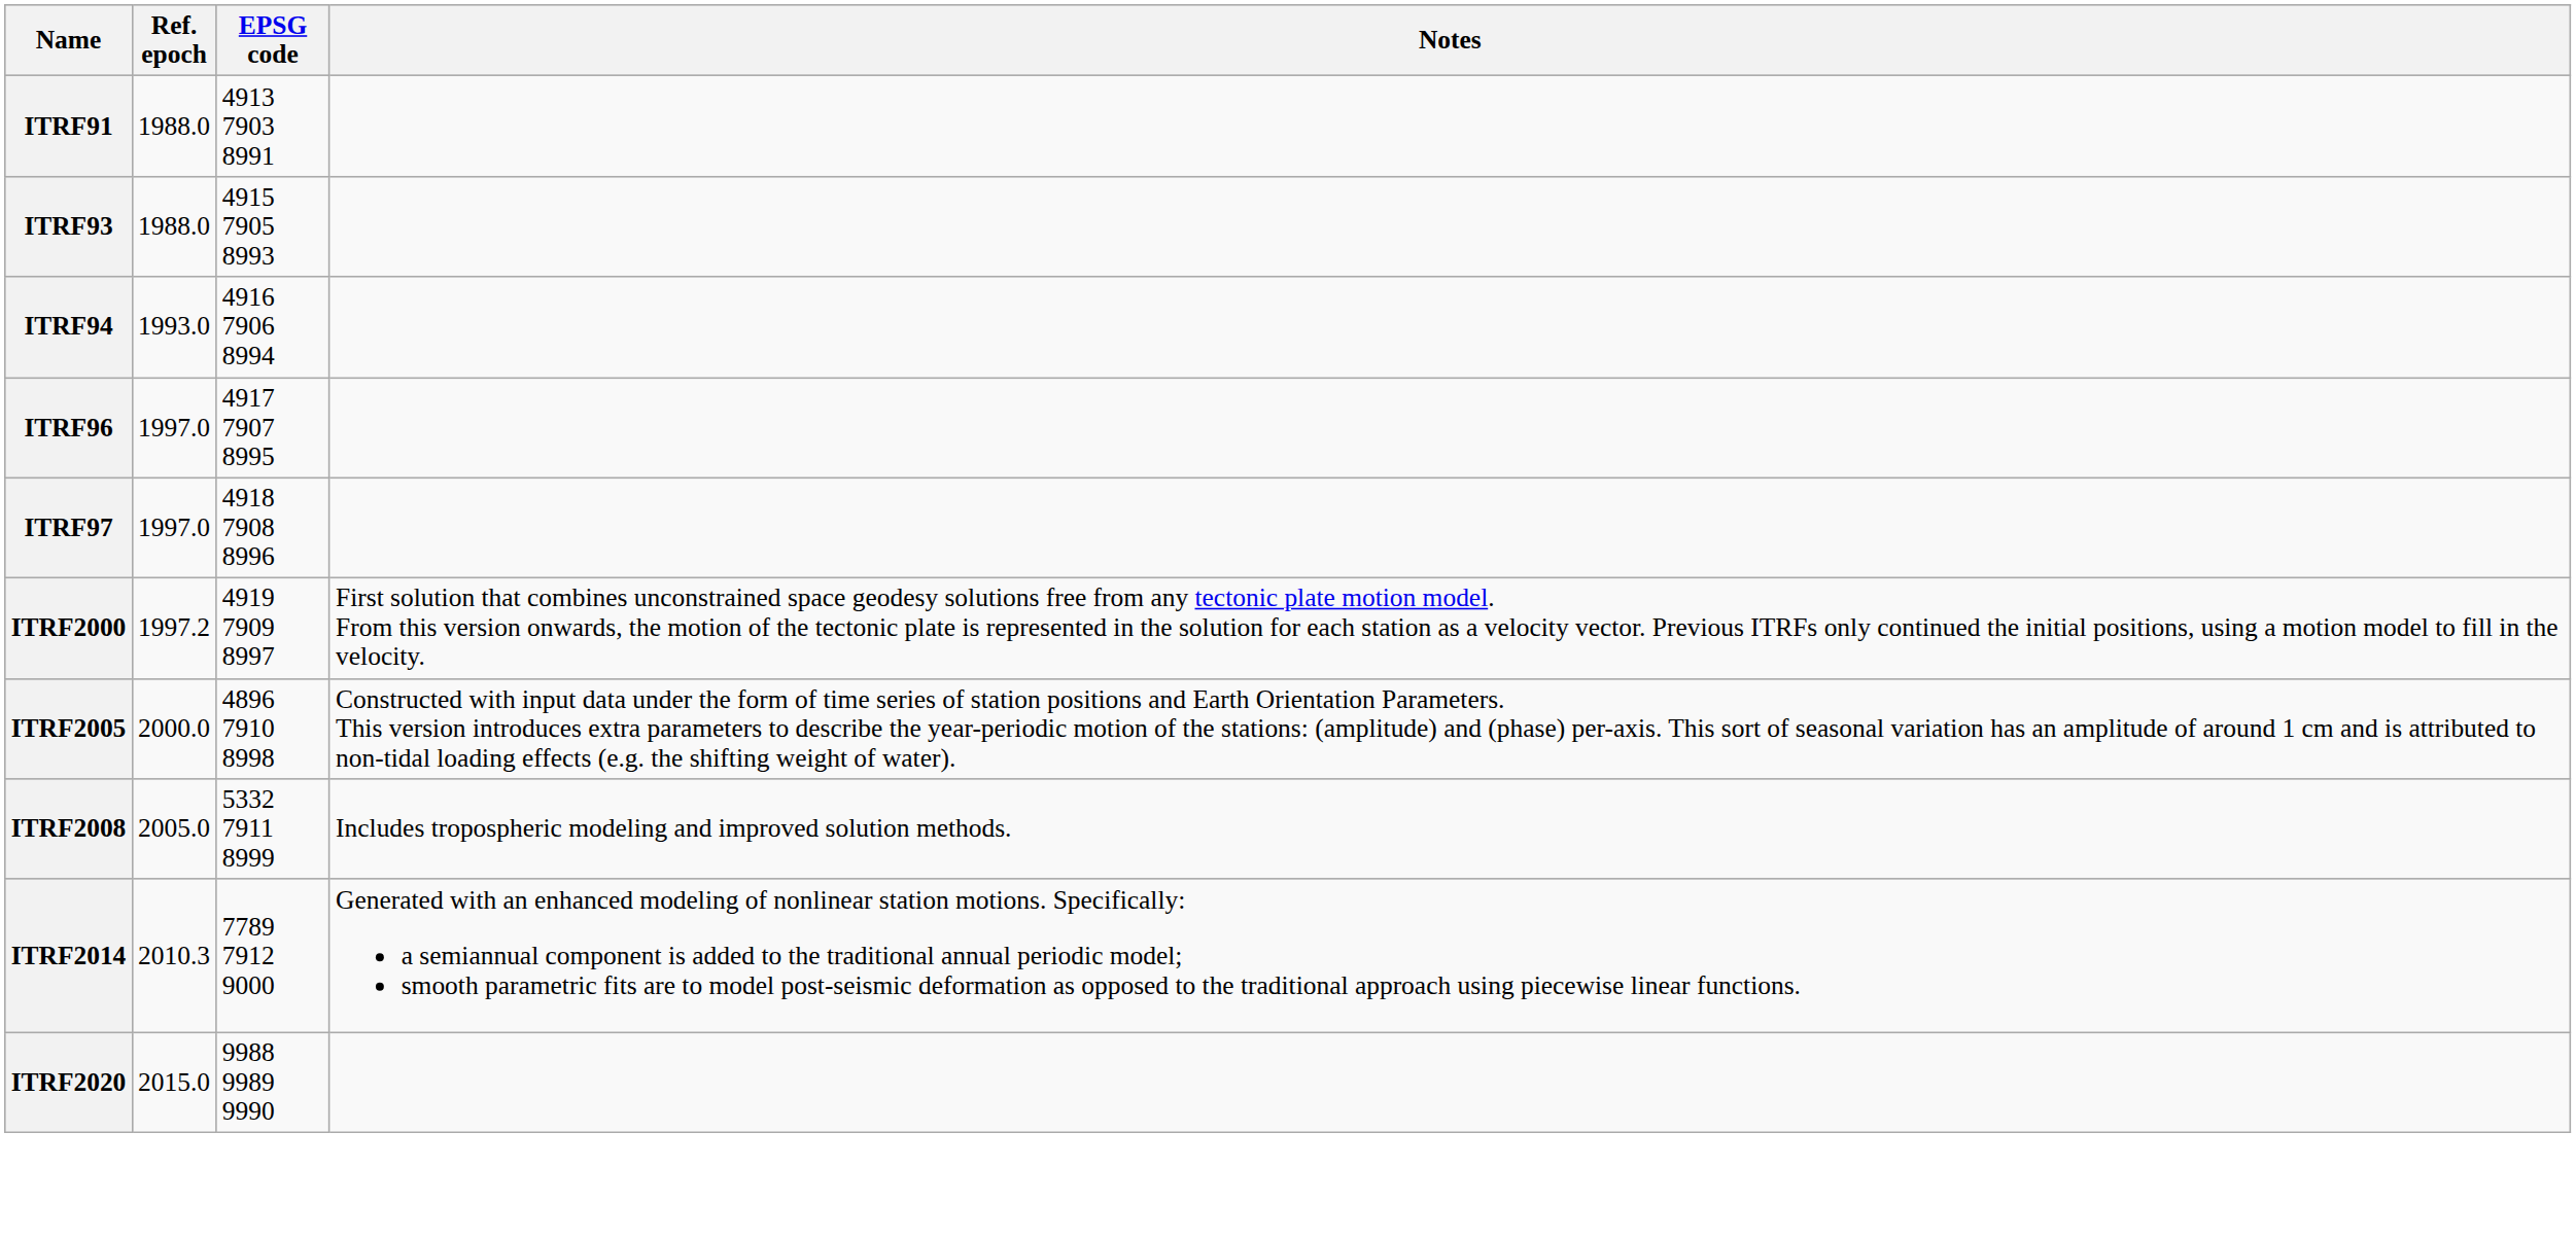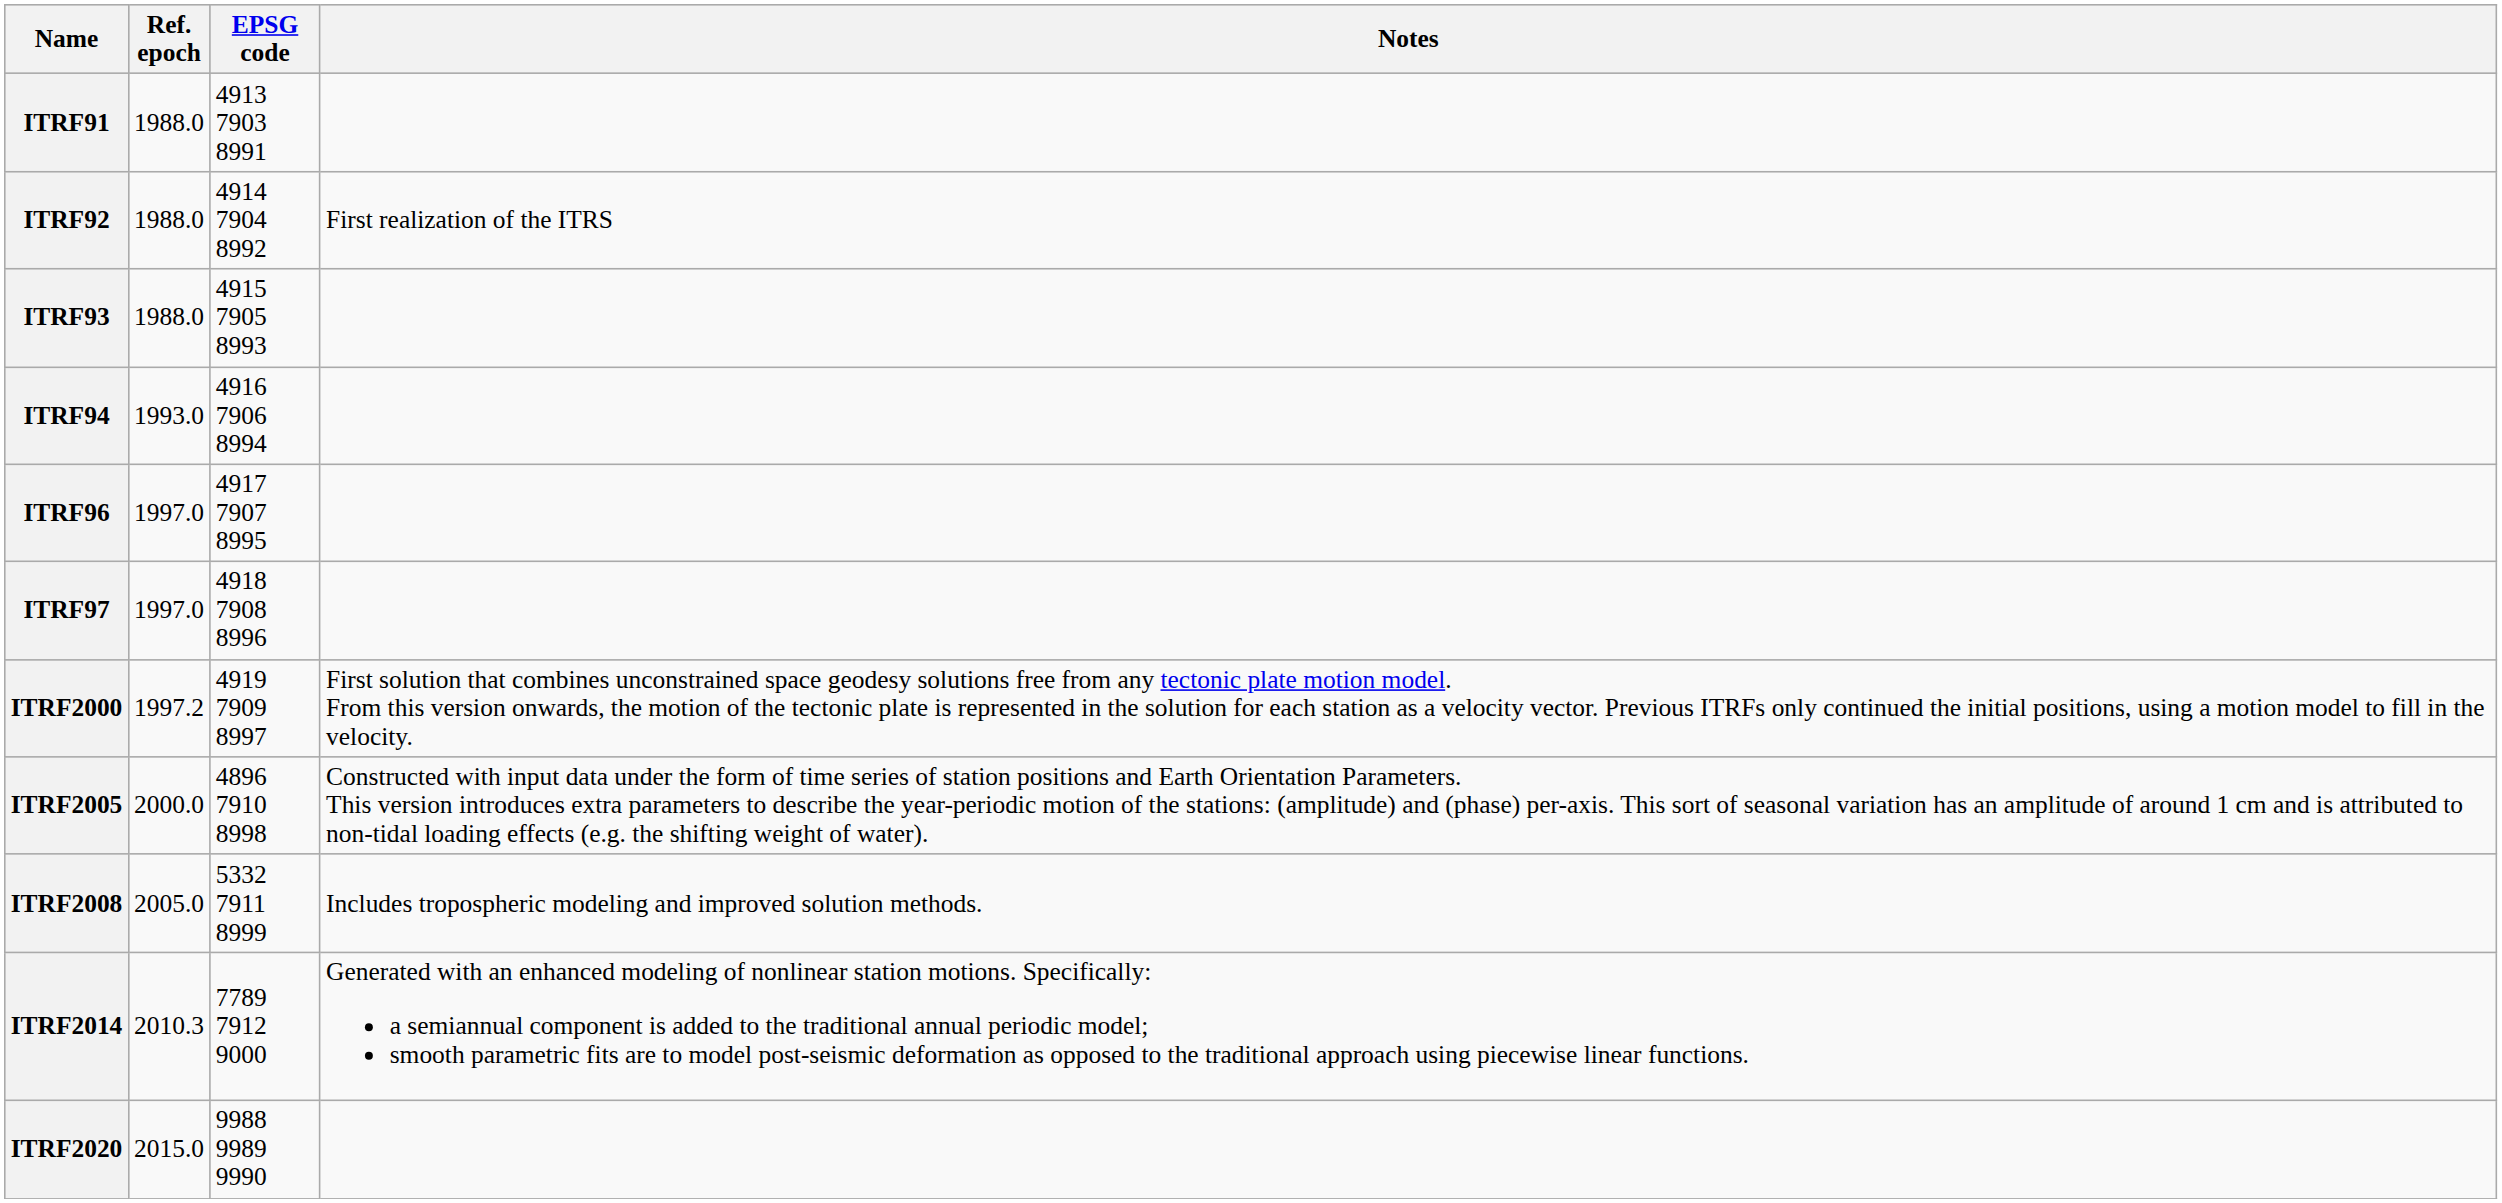 <table class = wikitable>
 <tr>
 <th>Name</th>
 <th>Ref.<br>epoch</th>
 <th><a href='#'>EPSG</a><br>code</th>
 <th>Notes</th>
 </tr>
 <tr>
 <th>ITRF91</th>
 <td>1988.0</td>
 <td>4913<br>7903 8991</td>
 <td></td>
+</tr>
+<tr>
+<th>ITRF92</th>
+<td>1988.0</td>
+<td>4914<br>7904 8992</td>
+<td>First realization of the ITRS</td>
 </tr>
 <tr>
 <th>ITRF93</th>
 <td>1988.0</td>
 <td>4915<br>7905 8993</td>
 <td></td>
 </tr>
 <tr>
 <th>ITRF94</th>
 <td>1993.0</td>
 <td>4916<br>7906 8994</td>
 <td></td>
 </tr>
 <tr>
 <th>ITRF96</th>
 <td>1997.0</td>
 <td>4917<br>7907 8995</td>
 <td></td>
 </tr>
 <tr>
 <th>ITRF97</th>
 <td>1997.0</td>
 <td>4918<br>7908 8996</td>
 <td></td>
 </tr>
 <tr>
 <th>ITRF2000</th>
 <td>1997.2</td>
 <td>4919<br>7909 8997</td>
 <td>First solution that combines unconstrained space geodesy solutions free from any <a href='#'>tectonic plate motion model</a>.<br>From this version onwards, the motion of the tectonic plate is represented in the solution for each station as a velocity vector. Previous ITRFs only continued the initial positions, using a motion model to fill in the velocity.</td>
 </tr>
 <tr>
 <th>ITRF2005</th>
 <td>2000.0</td>
 <td>4896<br>7910 8998</td>
 <td>Constructed with input data under the form of time series of station positions and Earth Orientation Parameters.<br>This version introduces extra parameters to describe the year-periodic motion of the stations:  (amplitude) and  (phase) per-axis. This sort of seasonal variation has an amplitude of around 1 cm and is attributed to non-tidal loading effects (e.g. the shifting weight of water).</td>
 </tr>
 <tr>
 <th>ITRF2008</th>
 <td>2005.0</td>
 <td>5332<br>7911<br>8999</td>
 <td>Includes tropospheric modeling and improved solution methods.</td>
 </tr>
 <tr>
 <th>ITRF2014</th>
 <td>2010.3</td>
 <td>7789<br>7912 9000</td>
 <td>Generated with an enhanced modeling of nonlinear station motions. Specifically:<br><ul><li>a semiannual component is added to the traditional annual periodic model;</li><li>smooth parametric fits are to model post-seismic deformation as opposed to the traditional approach using piecewise linear functions.</li></ul></td>
 </tr>
 <tr>
 <th>ITRF2020</th>
 <td>2015.0</td>
 <td>9988<br>9989 9990</td>
 <td></td>
 </tr>
 </table>
